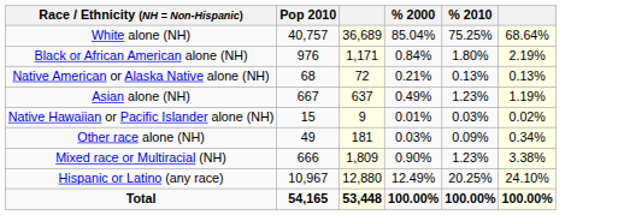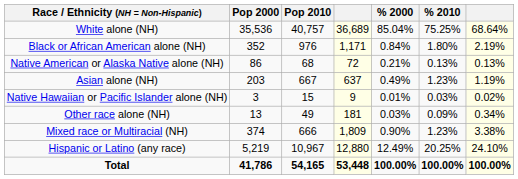 <table class="wikitable" style="text-align:center;">
 <tr>
 <th>Race / Ethnicity <small>(<em>NH = Non-Hispanic</em>)</small></th>
+<th>Pop 2000</th>
 <th>Pop 2010</th>
 <th></th>
 <th>% 2000</th>
 <th>% 2010</th>
 <th></th>
 </tr>
 <tr>
 <td><a href='#'>White</a> alone (NH)</td>
+<td>35,536</td>
 <td>40,757</td>
 <td style='background: #ffffe6;'>36,689</td>
 <td>85.04%</td>
 <td>75.25%</td>
 <td style='background: #ffffe6;'>68.64%</td>
 </tr>
 <tr>
 <td><a href='#'>Black or African American</a> alone (NH)</td>
+<td>352</td>
 <td>976</td>
 <td style='background: #ffffe6;'>1,171</td>
 <td>0.84%</td>
 <td>1.80%</td>
 <td style='background: #ffffe6;'>2.19%</td>
 </tr>
 <tr>
 <td><a href='#'>Native American</a> or <a href='#'>Alaska Native</a> alone (NH)</td>
+<td>86</td>
 <td>68</td>
 <td style='background: #ffffe6;'>72</td>
 <td>0.21%</td>
 <td>0.13%</td>
 <td style='background: #ffffe6;'>0.13%</td>
 </tr>
 <tr>
 <td><a href='#'>Asian</a> alone (NH)</td>
+<td>203</td>
 <td>667</td>
 <td style='background: #ffffe6;'>637</td>
 <td>0.49%</td>
 <td>1.23%</td>
 <td style='background: #ffffe6;'>1.19%</td>
 </tr>
 <tr>
 <td><a href='#'>Native Hawaiian</a> or <a href='#'>Pacific Islander</a> alone (NH)</td>
+<td>3</td>
 <td>15</td>
 <td style='background: #ffffe6;'>9</td>
 <td>0.01%</td>
 <td>0.03%</td>
 <td style='background: #ffffe6;'>0.02%</td>
 </tr>
 <tr>
 <td><a href='#'>Other race</a> alone (NH)</td>
+<td>13</td>
 <td>49</td>
 <td style='background: #ffffe6;'>181</td>
 <td>0.03%</td>
 <td>0.09%</td>
 <td style='background: #ffffe6;'>0.34%</td>
 </tr>
 <tr>
 <td><a href='#'>Mixed race or Multiracial</a> (NH)</td>
+<td>374</td>
 <td>666</td>
 <td style='background: #ffffe6;'>1,809</td>
 <td>0.90%</td>
 <td>1.23%</td>
 <td style='background: #ffffe6;'>3.38%</td>
 </tr>
 <tr>
 <td><a href='#'>Hispanic or Latino</a> (any race)</td>
+<td>5,219</td>
 <td>10,967</td>
 <td style='background: #ffffe6;'>12,880</td>
 <td>12.49%</td>
 <td>20.25%</td>
 <td style='background: #ffffe6;'>24.10%</td>
 </tr>
 <tr>
 <td><strong>Total</strong></td>
+<td><strong>41,786</strong></td>
 <td><strong>54,165</strong></td>
 <td style='background: #ffffe6;'><strong>53,448</strong></td>
 <td><strong>100.00%</strong></td>
 <td><strong>100.00%</strong></td>
 <td style='background: #ffffe6;'><strong>100.00%</strong></td>
 </tr>
 </table>
